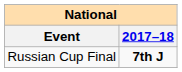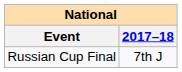 <table class="wikitable" style="text-align:center">
 <tr>
 <th style="background-color: #ffdead; " colspan=2 align=center>National</th>
 </tr>
 <tr>
 <th>Event</th>
 <th><a href='#'>2017–18</a></th>
 </tr>
 <tr>
 <td align=left>Russian Cup Final</td>
-<td><strong>7th J</strong></td>
+<td>7th J</td>
 </tr>
 </table>
